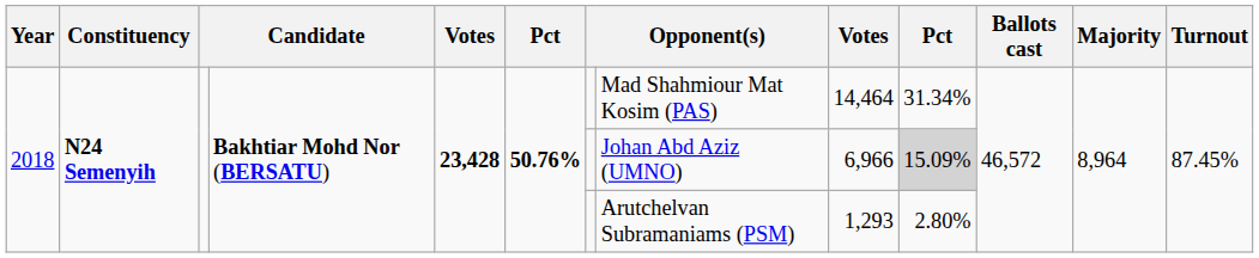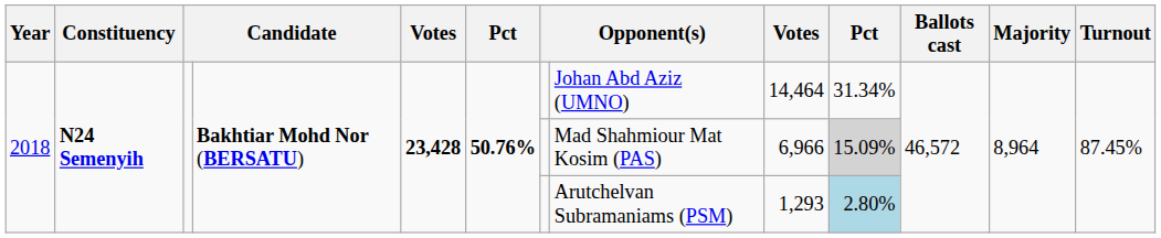 <table class="wikitable" style="margin:0.5em ; font-size:95%">
 <tr>
 <th>Year</th>
 <th>Constituency</th>
 <th colspan="2">Candidate</th>
 <th>Votes</th>
 <th>Pct</th>
 <th colspan="2">Opponent(s)</th>
 <th>Votes</th>
 <th>Pct</th>
 <th>Ballots cast</th>
 <th>Majority</th>
 <th>Turnout</th>
 </tr>
 <tr>
 <td rowspan=3><a href='#'>2018</a></td>
 <td rowspan=3><strong>N24 <a href='#'>Semenyih</a></strong></td>
 <td rowspan=3 ></td>
 <td rowspan=3><strong>Bakhtiar Mohd Nor</strong> (<a href='#'><strong>BERSATU</strong></a>)</td>
 <td rowspan=3 align=right><strong>23,428</strong></td>
 <td rowspan=3><strong>50.76%</strong></td>
 <td></td>
-<td>Mad Shahmiour Mat Kosim (<a href='#'>PAS</a>)</td>
+<td><a href='#'>Johan Abd Aziz</a> (<a href='#'>UMNO</a>)</td>
 <td align="right">14,464</td>
 <td>31.34%</td>
 <td rowspan=3>46,572</td>
 <td rowspan=3>8,964</td>
 <td rowspan=3>87.45%</td>
 </tr>
 <tr>
 <td></td>
-<td><a href='#'>Johan Abd Aziz</a> (<a href='#'>UMNO</a>)</td>
+<td>Mad Shahmiour Mat Kosim (<a href='#'>PAS</a>)</td>
 <td align="right">6,966</td>
 <td align="right" style="background: lightgrey;">15.09%</td>
 </tr>
 <tr>
 <td bgcolor=></td>
 <td>Arutchelvan Subramaniams (<a href='#'>PSM</a>)</td>
 <td align="right">1,293</td>
-<td align="right">2.80%</td>
+<td align="right" style="background: lightblue;">2.80%</td>
 </tr>
 </table>
